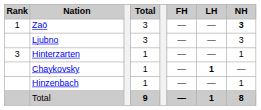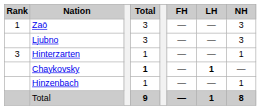 <table class="wikitable plainrowheaders" style="background:#fff; font-size:86%; line-height:16px; border:grey solid 1px; border-collapse:collapse;">
 <tr style="background:#ccc; text-align:center;">
 <th style="background:#ccc;">Rank</th>
 <th style="background:#ccc;">Nation</th>
 <th rowspan="7" width="2"> </th>
 <th width="40" style="background:#ccc;">Total</th>
 <th rowspan="61" width="2"> </th>
 <th style="background:#ccc;" width="40">FH</th>
 <th style="background:#ccc;" width="40">LH</th>
 <th style="background:#ccc;" width="40">NH</th>
 </tr>
 <tr align=center>
 <td align=center>1</td>
 <td align=left> <a href='#'>Zaō</a></td>
 <td>3</td>
 <td>—</td>
 <td>—</td>
-<td><strong>3</strong></td>
+<td>3</td>
 </tr>
 <tr align=center>
 <td align=center></td>
 <td align=left width=140> <a href='#'>Ljubno</a></td>
 <td>3</td>
 <td>—</td>
 <td>—</td>
 <td>3</td>
 </tr>
 <tr align=center>
 <td align=center>3</td>
 <td align=left> <a href='#'>Hinterzarten</a></td>
 <td>1</td>
 <td>—</td>
 <td>—</td>
 <td>1</td>
 </tr>
 <tr align=center>
 <td align=center></td>
 <td align=left> <a href='#'>Chaykovsky</a></td>
-<td>1</td>
+<td><strong>1</strong></td>
 <td>—</td>
 <td><strong>1</strong></td>
 <td>—</td>
 </tr>
 <tr align=center>
 <td align=center></td>
 <td align=left> <a href='#'>Hinzenbach</a></td>
 <td>1</td>
 <td>—</td>
 <td>—</td>
 <td>1</td>
 </tr>
 <tr bgcolor=#D3D3D3 align=center>
 <th style="background:#ccc;"></th>
 <td style="background:#ccc;" align=left>Total</td>
 <td style="background:#ccc;"><strong>9</strong></td>
 <td style="background:#ccc;"><strong>— </strong></td>
 <td style="background:#ccc;"><strong>1</strong></td>
 <td style="background:#ccc;"><strong>8</strong></td>
 </tr>
 </table>
